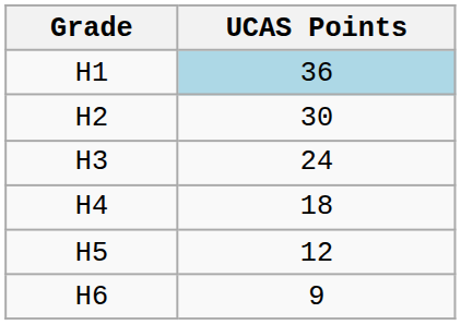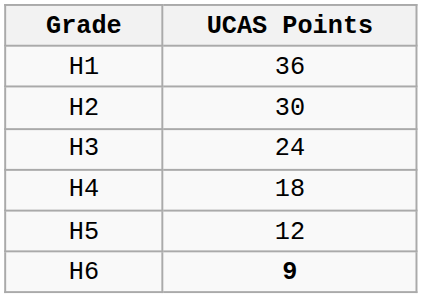 <table class="wikitable" border="1" style="text-align:center; margin-left:1em;">
 <tr>
 <th width="75">Grade</th>
 <th width="125">UCAS Points</th>
 </tr>
 <tr>
 <td align="center">H1</td>
-<td style="background: lightblue;">36</td>
+<td>36</td>
 </tr>
 <tr>
 <td align="center">H2</td>
 <td>30</td>
 </tr>
 <tr>
 <td align="center">H3</td>
 <td>24</td>
 </tr>
 <tr>
 <td align="center">H4</td>
 <td>18</td>
 </tr>
 <tr>
 <td align="center">H5</td>
 <td>12</td>
 </tr>
 <tr>
 <td align="center">H6</td>
-<td>9</td>
+<td><strong>9</strong></td>
 </tr>
 </table>
